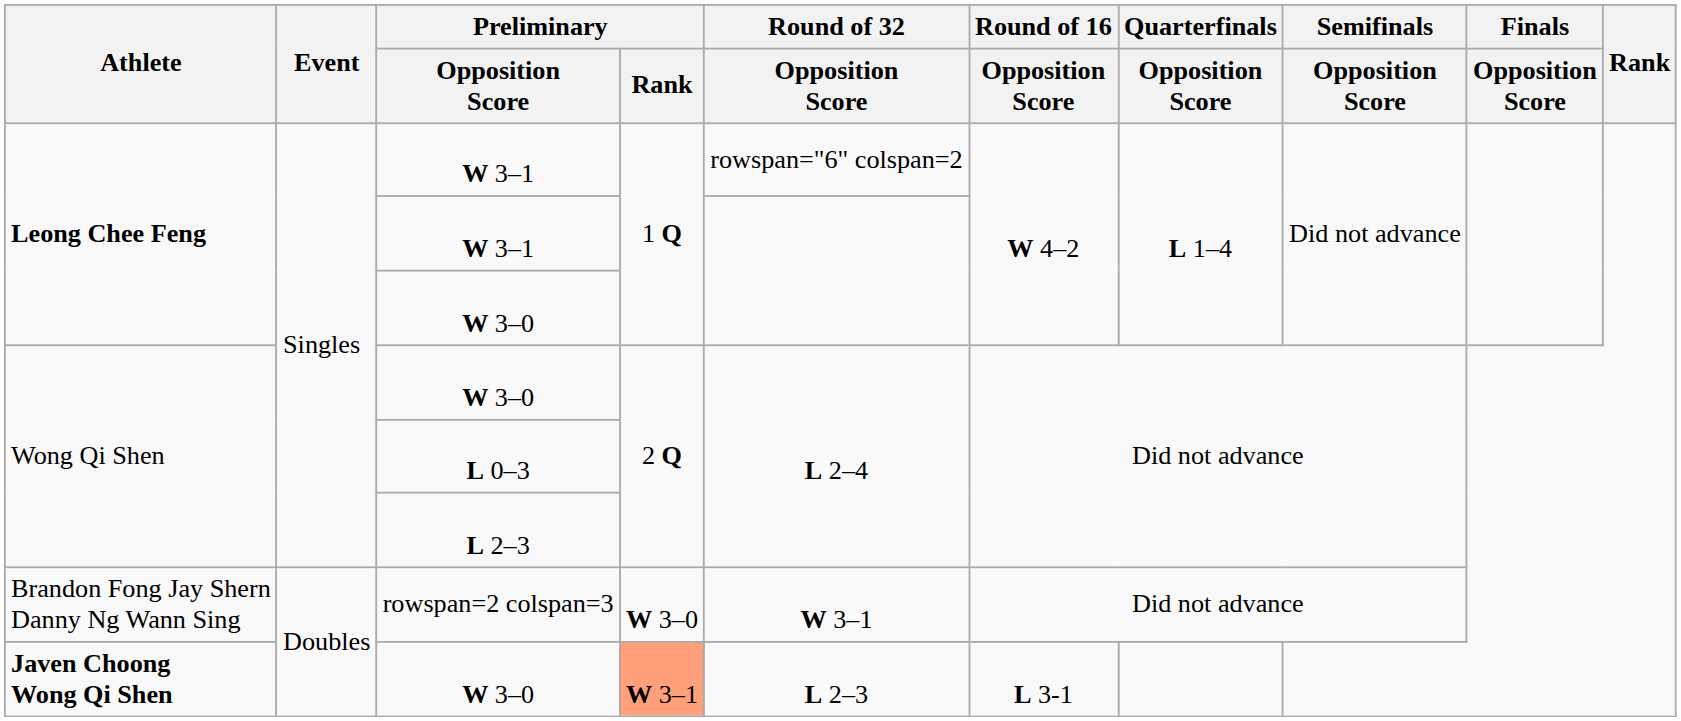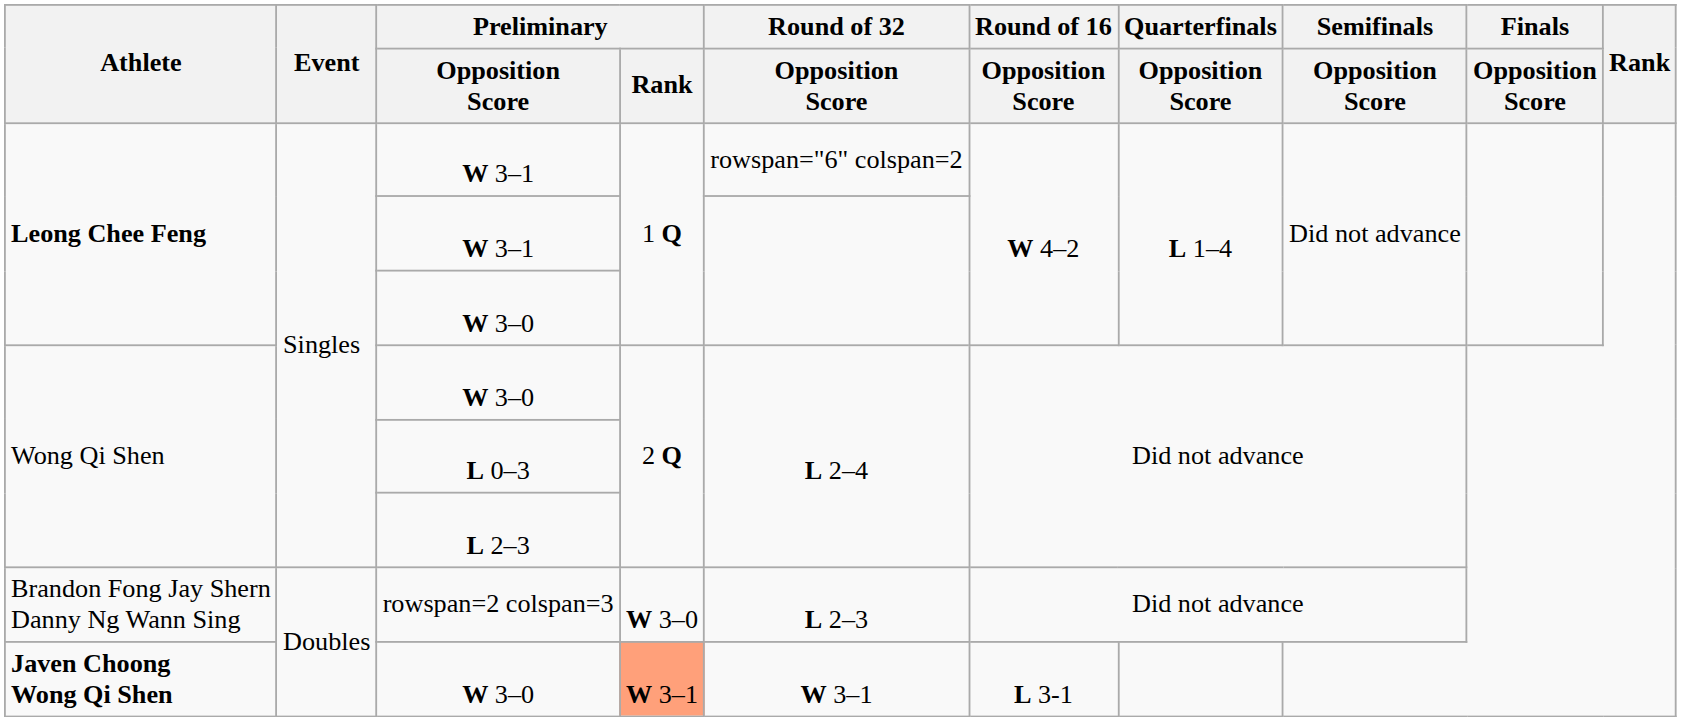 <table class="wikitable" style="font-size: 90%">
 <tr>
 <th rowspan="2">Athlete</th>
 <th rowspan="2">Event</th>
 <th colspan="2">Preliminary</th>
 <th>Round of 32</th>
 <th>Round of 16</th>
 <th>Quarterfinals</th>
 <th>Semifinals</th>
 <th>Finals</th>
 <th rowspan="2">Rank</th>
 </tr>
 <tr>
 <th>Opposition<br>Score</th>
 <th>Rank</th>
 <th>Opposition<br>Score</th>
 <th>Opposition<br>Score</th>
 <th>Opposition<br>Score</th>
 <th>Opposition<br>Score</th>
 <th>Opposition<br>Score</th>
 </tr>
 <tr align="center">
 <td align="left" rowspan="3"><strong>Leong Chee Feng</strong></td>
 <td align="left" rowspan="6">Singles</td>
 <td><br><strong>W</strong> 3–1</td>
 <td rowspan="3">1 <strong>Q</strong></td>
 <td>rowspan="6" colspan=2 </td>
 <td rowspan="3"><br><strong>W</strong> 4–2</td>
 <td rowspan="3"><br><strong>L</strong> 1–4</td>
 <td rowspan="3">Did not advance</td>
 <td rowspan="3"></td>
 </tr>
 <tr align="center">
 <td><br><strong>W</strong> 3–1</td>
 </tr>
 <tr align="center">
 <td><br><strong>W</strong> 3–0</td>
 </tr>
 <tr align="center">
 <td align="left" rowspan="3">Wong Qi Shen</td>
 <td><br><strong>W</strong> 3–0</td>
 <td rowspan="3">2 <strong>Q</strong></td>
 <td rowspan="3"><br><strong>L</strong> 2–4</td>
 <td rowspan="3" colspan=3>Did not advance</td>
 </tr>
 <tr align="center">
 <td><br><strong>L</strong> 0–3</td>
 </tr>
 <tr align="center">
 <td><br><strong>L</strong> 2–3</td>
 </tr>
 <tr align="center">
 <td align="left">Brandon Fong Jay Shern<br>Danny Ng Wann Sing</td>
 <td align="left" rowspan="2">Doubles</td>
 <td>rowspan=2 colspan=3 </td>
 <td><br><strong>W</strong> 3–0</td>
-<td><br><strong>W</strong> 3–1</td>
+<td><br><strong>L</strong> 2–3</td>
 <td colspan=3>Did not advance</td>
 </tr>
 <tr align="center">
 <td align="left"><strong>Javen Choong<br>Wong Qi Shen</strong></td>
 <td><br><strong>W</strong> 3–0</td>
 <td style="background: lightsalmon;"><br><strong>W</strong> 3–1</td>
-<td><br><strong>L</strong> 2–3</td>
+<td><br><strong>W</strong> 3–1</td>
 <td><br><strong>L</strong> 3-1</td>
 <td></td>
 </tr>
 </table>
